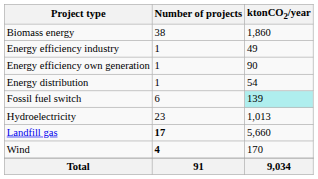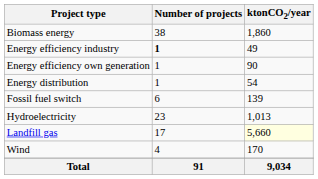 <table class="wikitable">
 <tr>
 <th>Project type</th>
 <th>Number of projects</th>
 <th>ktonCO<sub>2</sub>/year</th>
 </tr>
 <tr>
 <td>Biomass energy</td>
 <td>38</td>
 <td>1,860</td>
 </tr>
 <tr>
 <td>Energy efficiency industry</td>
-<td>1</td>
+<td><strong>1</strong></td>
 <td>49</td>
 </tr>
 <tr>
 <td>Energy efficiency own generation</td>
 <td>1</td>
 <td>90</td>
 </tr>
 <tr>
 <td>Energy distribution</td>
 <td>1</td>
 <td>54</td>
 </tr>
 <tr>
 <td>Fossil fuel switch</td>
 <td>6</td>
-<td style="background: paleturquoise;">139</td>
+<td>139</td>
 </tr>
 <tr>
 <td>Hydroelectricity</td>
 <td>23</td>
 <td>1,013</td>
 </tr>
 <tr>
 <td><a href='#'>Landfill gas</a></td>
-<td><strong>17</strong></td>
-<td>5,660</td>
+<td>17</td>
+<td style="background: lightyellow;">5,660</td>
 </tr>
 <tr>
 <td>Wind</td>
-<td><strong>4</strong></td>
+<td>4</td>
 <td>170</td>
 </tr>
 <tr>
 </tr>
 <tr>
 <th>Total</th>
 <th>91</th>
 <th>9,034</th>
 </tr>
 </table>
